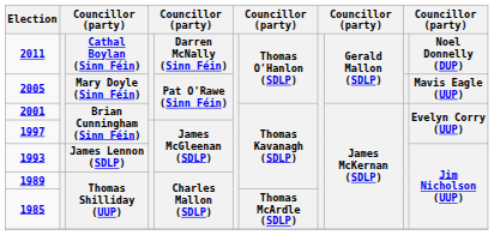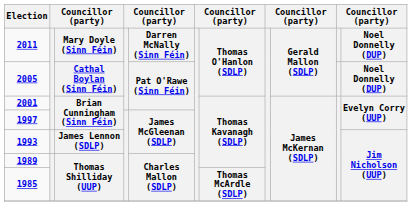 <table class="wikitable" style="text-align:center">
 <tr>
 <th scope="col" width="50">Election</th>
 <th scope="col" width="150" colspan = "2">Councillor<br> (party)</th>
 <th scope="col" width="150" colspan = "2">Councillor<br> (party)</th>
 <th scope="col" width="150" colspan = "2">Councillor<br> (party)</th>
 <th scope="col" width="150" colspan = "2">Councillor<br> (party)</th>
 <th scope="col" width="150" colspan = "2">Councillor<br> (party)</th>
 </tr>
 <tr>
 <td><strong><a href='#'>2011</a></strong></td>
 <th rowspan="4" width="1" style="background-color: "></th>
-<th rowspan = "1"><a href='#'>Cathal Boylan</a> <br> (<a href='#'>Sinn Féin</a>)</th>
+<th rowspan = "1">Mary Doyle <br> (<a href='#'>Sinn Féin</a>)</th>
 <th rowspan="3" width="1" style="background-color: "></th>
 <th rowspan = "1">Darren McNally <br> (<a href='#'>Sinn Féin</a>)</th>
 <th rowspan="7" width="1" style="background-color: "></th>
 <th rowspan = "2">Thomas O'Hanlon <br> (<a href='#'>SDLP</a>)</th>
 <th rowspan="7" width="1" style="background-color: "></th>
 <th rowspan = "2">Gerald Mallon <br> (<a href='#'>SDLP</a>)</th>
 <th rowspan="1" width="1" style="background-color: "></th>
 <th rowspan = "1">Noel Donnelly <br> (<a href='#'>DUP</a>)</th>
 </tr>
 <tr>
 <td><strong><a href='#'>2005</a></strong></td>
-<th rowspan = "1">Mary Doyle <br> (<a href='#'>Sinn Féin</a>)</th>
+<th rowspan = "1"><a href='#'>Cathal Boylan</a> <br> (<a href='#'>Sinn Féin</a>)</th>
 <th rowspan = "2">Pat O'Rawe <br> (<a href='#'>Sinn Féin</a>)</th>
 <th rowspan="1" width="1" style="background-color: "></th>
-<th rowspan = "1">Mavis Eagle <br> (<a href='#'>UUP</a>)</th>
+<th rowspan = "1">Noel Donnelly <br> (<a href='#'>DUP</a>)</th>
 </tr>
 <tr>
 <td><strong><a href='#'>2001</a></strong></td>
 <th rowspan = "2">Brian Cunningham <br> (<a href='#'>Sinn Féin</a>)</th>
 <th rowspan = "4">Thomas Kavanagh <br> (<a href='#'>SDLP</a>)</th>
 <th rowspan = "5">James McKernan <br> (<a href='#'>SDLP</a>)</th>
 <th rowspan="5" width="1" style="background-color: "></th>
 <th rowspan = "2">Evelyn Corry <br> (<a href='#'>UUP</a>)</th>
 </tr>
 <tr>
 <td><strong><a href='#'>1997</a></strong></td>
 <th rowspan="4" width="1" style="background-color: "></th>
 <th rowspan = "2">James McGleenan <br> (<a href='#'>SDLP</a>)</th>
 </tr>
 <tr>
 <td><strong><a href='#'>1993</a></strong></td>
 <th rowspan="1" width="1" style="background-color: "></th>
 <th rowspan = "1">James Lennon <br> (<a href='#'>SDLP</a>)</th>
 <th rowspan = "3"><a href='#'>Jim Nicholson</a> <br> (<a href='#'>UUP</a>)</th>
 </tr>
 <tr>
 <td><strong><a href='#'>1989</a></strong></td>
 <th rowspan="2" width="1" style="background-color: "></th>
 <th rowspan = "2">Thomas Shilliday <br> (<a href='#'>UUP</a>)</th>
 <th rowspan = "2">Charles Mallon <br> (<a href='#'>SDLP</a>)</th>
 </tr>
 <tr>
 <td><strong><a href='#'>1985</a></strong></td>
 <th rowspan = "1">Thomas McArdle <br> (<a href='#'>SDLP</a>)</th>
 </tr>
 <tr>
 </tr>
 </table>
